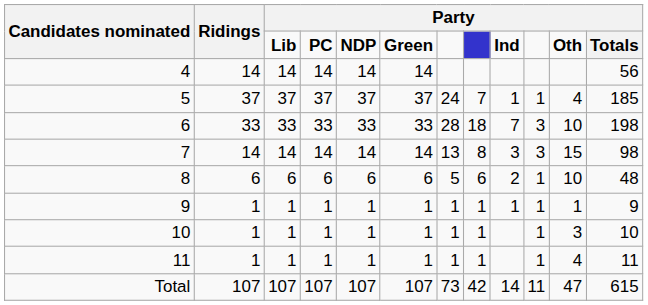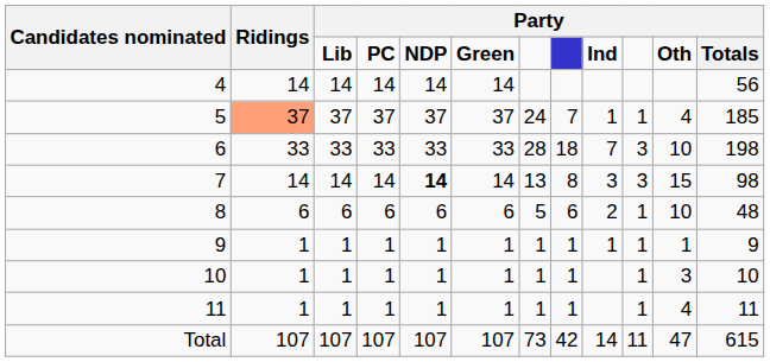 <table class="wikitable" style="text-align:right;">
 <tr>
 <th rowspan="2">Candidates nominated</th>
 <th rowspan="2">Ridings</th>
 <th colspan="10">Party</th>
 </tr>
 <tr>
 <td><strong>Lib</strong></td>
 <td><strong>PC</strong></td>
 <td><strong>NDP</strong></td>
 <td><strong>Green</strong></td>
 <td><strong></strong></td>
 <td style="background-color:#3333CC; color: white" align="center"><strong></strong></td>
 <td><strong>Ind</strong></td>
 <td><strong></strong></td>
 <td><strong>Oth</strong></td>
 <th>Totals</th>
 </tr>
 <tr>
 <td>4</td>
 <td>14</td>
 <td>14</td>
 <td>14</td>
 <td>14</td>
 <td>14</td>
 <td></td>
 <td></td>
 <td></td>
 <td></td>
 <td></td>
 <td>56</td>
 </tr>
 <tr>
 <td>5</td>
-<td>37</td>
+<td style="background: lightsalmon;">37</td>
 <td>37</td>
 <td>37</td>
 <td>37</td>
 <td>37</td>
 <td>24</td>
 <td>7</td>
 <td>1</td>
 <td>1</td>
 <td>4</td>
 <td>185</td>
 </tr>
 <tr>
 <td>6</td>
 <td>33</td>
 <td>33</td>
 <td>33</td>
 <td>33</td>
 <td>33</td>
 <td>28</td>
 <td>18</td>
 <td>7</td>
 <td>3</td>
 <td>10</td>
 <td>198</td>
 </tr>
 <tr>
 <td>7</td>
 <td>14</td>
 <td>14</td>
 <td>14</td>
-<td>14</td>
+<td><strong>14</strong></td>
 <td>14</td>
 <td>13</td>
 <td>8</td>
 <td>3</td>
 <td>3</td>
 <td>15</td>
 <td>98</td>
 </tr>
 <tr>
 <td>8</td>
 <td>6</td>
 <td>6</td>
 <td>6</td>
 <td>6</td>
 <td>6</td>
 <td>5</td>
 <td>6</td>
 <td>2</td>
 <td>1</td>
 <td>10</td>
 <td>48</td>
 </tr>
 <tr>
 <td>9</td>
 <td>1</td>
 <td>1</td>
 <td>1</td>
 <td>1</td>
 <td>1</td>
 <td>1</td>
 <td>1</td>
 <td>1</td>
 <td>1</td>
 <td>1</td>
 <td>9</td>
 </tr>
 <tr>
 <td>10</td>
 <td>1</td>
 <td>1</td>
 <td>1</td>
 <td>1</td>
 <td>1</td>
 <td>1</td>
 <td>1</td>
 <td></td>
 <td>1</td>
 <td>3</td>
 <td>10</td>
 </tr>
 <tr>
 <td>11</td>
 <td>1</td>
 <td>1</td>
 <td>1</td>
 <td>1</td>
 <td>1</td>
 <td>1</td>
 <td>1</td>
 <td></td>
 <td>1</td>
 <td>4</td>
 <td>11</td>
 </tr>
 <tr>
 <td>Total</td>
 <td>107</td>
 <td>107</td>
 <td>107</td>
 <td>107</td>
 <td>107</td>
 <td>73</td>
 <td>42</td>
 <td>14</td>
 <td>11</td>
 <td>47</td>
 <td>615</td>
 </tr>
 </table>
